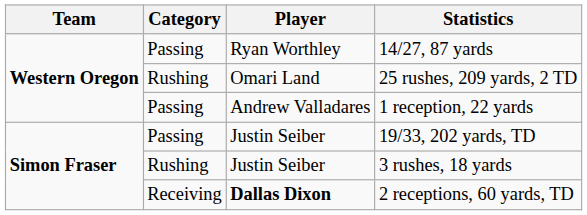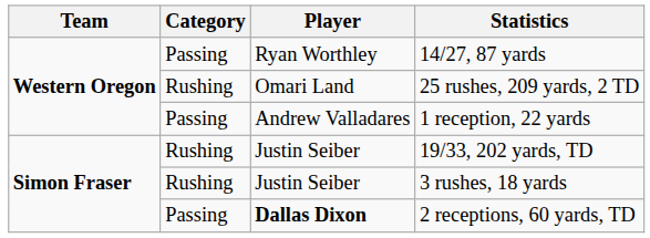 <table class="wikitable" style="float: right;">
 <tr>
 <th>Team</th>
 <th>Category</th>
 <th>Player</th>
 <th>Statistics</th>
 </tr>
 <tr>
 <td rowspan=3><strong>Western Oregon</strong></td>
 <td>Passing</td>
 <td>Ryan Worthley</td>
 <td>14/27, 87 yards</td>
 </tr>
 <tr>
 <td>Rushing</td>
 <td>Omari Land</td>
 <td>25 rushes, 209 yards, 2 TD</td>
 </tr>
 <tr>
 <td>Passing</td>
 <td>Andrew Valladares</td>
 <td>1 reception, 22 yards</td>
 </tr>
 <tr>
 <td rowspan=3><strong>Simon Fraser</strong></td>
-<td>Passing</td>
+<td>Rushing</td>
 <td>Justin Seiber</td>
 <td>19/33, 202 yards, TD</td>
 </tr>
 <tr>
 <td>Rushing</td>
 <td>Justin Seiber</td>
 <td>3 rushes, 18 yards</td>
 </tr>
 <tr>
-<td>Receiving</td>
+<td>Passing</td>
 <td><strong>Dallas Dixon</strong></td>
 <td>2 receptions, 60 yards, TD</td>
 </tr>
 </table>
